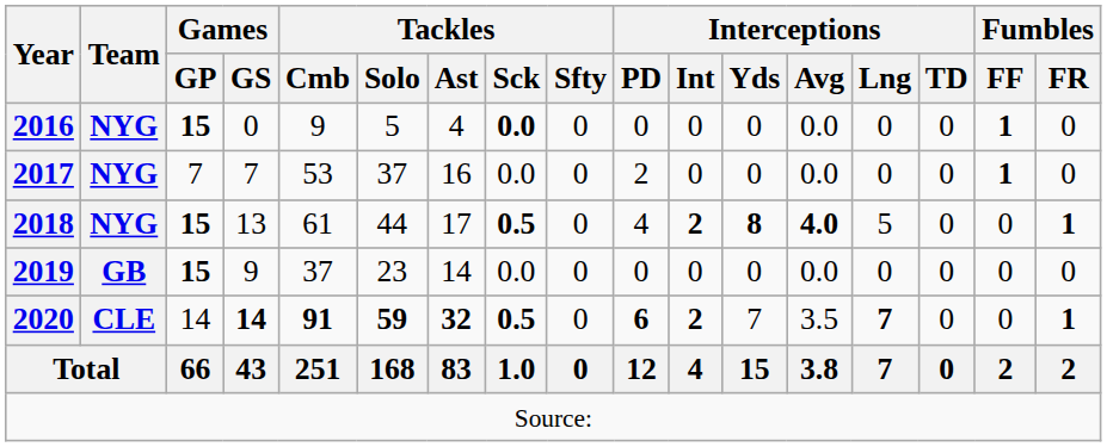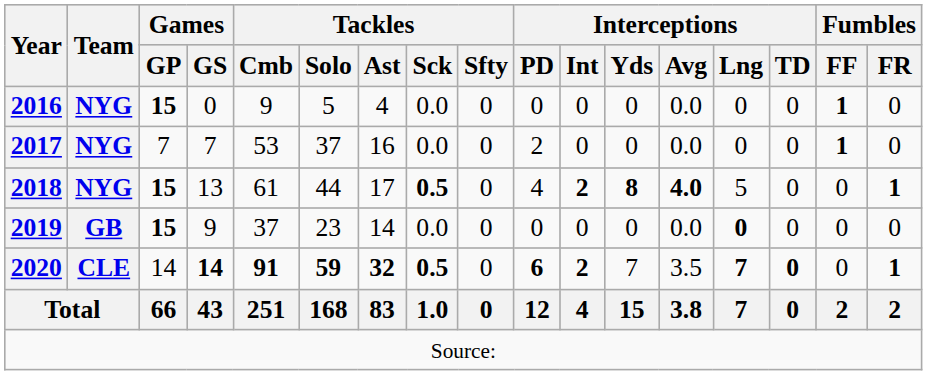 <table class="wikitable" style="text-align: center;">
 <tr>
 <th rowspan="2">Year</th>
 <th rowspan="2">Team</th>
 <th colspan="2">Games</th>
 <th colspan="5">Tackles</th>
 <th colspan="6">Interceptions</th>
 <th colspan="2">Fumbles</th>
 </tr>
 <tr>
 <th>GP</th>
 <th>GS</th>
 <th>Cmb</th>
 <th>Solo</th>
 <th>Ast</th>
 <th>Sck</th>
 <th>Sfty</th>
 <th>PD</th>
 <th>Int</th>
 <th>Yds</th>
 <th>Avg</th>
 <th>Lng</th>
 <th>TD</th>
 <th>FF</th>
 <th>FR</th>
 </tr>
 <tr>
 <th><a href='#'>2016</a></th>
 <th><a href='#'>NYG</a></th>
 <td><strong>15</strong></td>
 <td>0</td>
 <td>9</td>
 <td>5</td>
 <td>4</td>
-<td><strong>0.0</strong></td>
+<td>0.0</td>
 <td>0</td>
 <td>0</td>
 <td>0</td>
 <td>0</td>
 <td>0.0</td>
 <td>0</td>
 <td>0</td>
 <td><strong>1</strong></td>
 <td>0</td>
 </tr>
 <tr>
 <th><a href='#'>2017</a></th>
 <th><a href='#'>NYG</a></th>
 <td>7</td>
 <td>7</td>
 <td>53</td>
 <td>37</td>
 <td>16</td>
 <td>0.0</td>
 <td>0</td>
 <td>2</td>
 <td>0</td>
 <td>0</td>
 <td>0.0</td>
 <td>0</td>
 <td>0</td>
 <td><strong>1</strong></td>
 <td>0</td>
 </tr>
 <tr>
 <th><a href='#'>2018</a></th>
 <th><a href='#'>NYG</a></th>
 <td><strong>15</strong></td>
 <td>13</td>
 <td>61</td>
 <td>44</td>
 <td>17</td>
 <td><strong>0.5</strong></td>
 <td>0</td>
 <td>4</td>
 <td><strong>2</strong></td>
 <td><strong>8</strong></td>
 <td><strong>4.0</strong></td>
 <td>5</td>
 <td>0</td>
 <td>0</td>
 <td><strong>1</strong></td>
 </tr>
 <tr>
 <th><a href='#'>2019</a></th>
 <th><a href='#'>GB</a></th>
 <td><strong>15</strong></td>
 <td>9</td>
 <td>37</td>
 <td>23</td>
 <td>14</td>
 <td>0.0</td>
 <td>0</td>
 <td>0</td>
 <td>0</td>
 <td>0</td>
 <td>0.0</td>
-<td>0</td>
+<td><strong>0</strong></td>
 <td>0</td>
 <td>0</td>
 <td>0</td>
 </tr>
 <tr>
 <th><a href='#'>2020</a></th>
 <th><a href='#'>CLE</a></th>
 <td>14</td>
 <td><strong>14</strong></td>
 <td><strong>91</strong></td>
 <td><strong>59</strong></td>
 <td><strong>32</strong></td>
 <td><strong>0.5</strong></td>
 <td>0</td>
 <td><strong>6</strong></td>
 <td><strong>2</strong></td>
 <td>7</td>
 <td>3.5</td>
 <td><strong>7</strong></td>
-<td>0</td>
+<td><strong>0</strong></td>
 <td>0</td>
 <td><strong>1</strong></td>
 </tr>
 <tr>
 <th colspan="2">Total</th>
 <th>66</th>
 <th>43</th>
 <th>251</th>
 <th>168</th>
 <th>83</th>
 <th>1.0</th>
 <th>0</th>
 <th>12</th>
 <th>4</th>
 <th>15</th>
 <th>3.8</th>
 <th>7</th>
 <th>0</th>
 <th>2</th>
 <th>2</th>
 </tr>
 <tr>
 <td colspan="17"><small>Source: </small></td>
 </tr>
 </table>
